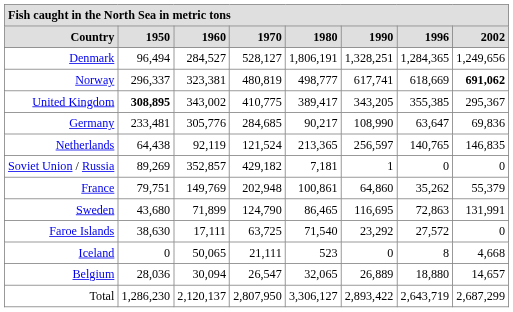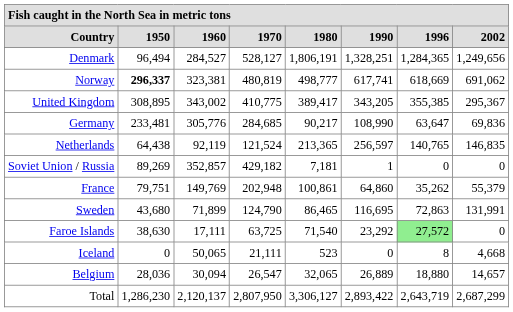 <table border="2" cellspacing="0" cellpadding="4" rules="all" class="hintergrundfarbe1 rahmenfarbe1" style="margin:1em 1em 1em 0; border-style:solid; border-width:1px; border-collapse:collapse; font-size:95%; empty-cells:show; text-align:right;">
 <tr>
 <th colspan="13" bgcolor="#dfdfdf" style="text-align:left;">Fish caught in the North Sea in metric tons</th>
 </tr>
 <tr bgcolor="#dfdfdf">
 <th>Country</th>
 <th>1950</th>
 <th>1960</th>
 <th>1970</th>
 <th>1980</th>
 <th>1990</th>
 <th>1996</th>
 <th>2002</th>
 </tr>
 <tr>
 <td><a href='#'>Denmark</a></td>
 <td>96,494</td>
 <td>284,527</td>
 <td>528,127</td>
 <td>1,806,191</td>
 <td>1,328,251</td>
 <td>1,284,365</td>
 <td>1,249,656</td>
 </tr>
 <tr>
 <td><a href='#'>Norway</a></td>
-<td>296,337</td>
+<td><strong>296,337</strong></td>
 <td>323,381</td>
 <td>480,819</td>
 <td>498,777</td>
 <td>617,741</td>
 <td>618,669</td>
-<td><strong>691,062</strong></td>
+<td>691,062</td>
 </tr>
 <tr>
 <td><a href='#'>United Kingdom</a></td>
-<td><strong>308,895</strong></td>
+<td>308,895</td>
 <td>343,002</td>
 <td>410,775</td>
 <td>389,417</td>
 <td>343,205</td>
 <td>355,385</td>
 <td>295,367</td>
 </tr>
 <tr>
 <td><a href='#'>Germany</a></td>
 <td>233,481</td>
 <td>305,776</td>
 <td>284,685</td>
 <td>90,217</td>
 <td>108,990</td>
 <td>63,647</td>
 <td>69,836</td>
 </tr>
 <tr>
 <td><a href='#'>Netherlands</a></td>
 <td>64,438</td>
 <td>92,119</td>
 <td>121,524</td>
 <td>213,365</td>
 <td>256,597</td>
 <td>140,765</td>
 <td>146,835</td>
 </tr>
 <tr>
 <td><a href='#'>Soviet Union</a> / <a href='#'>Russia</a></td>
 <td>89,269</td>
 <td>352,857</td>
 <td>429,182</td>
 <td>7,181</td>
 <td>1</td>
 <td>0</td>
 <td>0</td>
 </tr>
 <tr>
 <td><a href='#'>France</a></td>
 <td>79,751</td>
 <td>149,769</td>
 <td>202,948</td>
 <td>100,861</td>
 <td>64,860</td>
 <td>35,262</td>
 <td>55,379</td>
 </tr>
 <tr>
 <td><a href='#'>Sweden</a></td>
 <td>43,680</td>
 <td>71,899</td>
 <td>124,790</td>
 <td>86,465</td>
 <td>116,695</td>
 <td>72,863</td>
 <td>131,991</td>
 </tr>
 <tr>
 <td><a href='#'>Faroe Islands</a></td>
 <td>38,630</td>
 <td>17,111</td>
 <td>63,725</td>
 <td>71,540</td>
 <td>23,292</td>
-<td>27,572</td>
+<td style="background: lightgreen;">27,572</td>
 <td>0</td>
 </tr>
 <tr>
 <td><a href='#'>Iceland</a></td>
 <td>0</td>
 <td>50,065</td>
 <td>21,111</td>
 <td>523</td>
 <td>0</td>
 <td>8</td>
 <td>4,668</td>
 </tr>
 <tr>
 <td><a href='#'>Belgium</a></td>
 <td>28,036</td>
 <td>30,094</td>
 <td>26,547</td>
 <td>32,065</td>
 <td>26,889</td>
 <td>18,880</td>
 <td>14,657</td>
 </tr>
 <tr>
 <td>Total</td>
 <td>1,286,230</td>
 <td>2,120,137</td>
 <td>2,807,950</td>
 <td>3,306,127</td>
 <td>2,893,422</td>
 <td>2,643,719</td>
 <td>2,687,299</td>
 </tr>
 </table>
